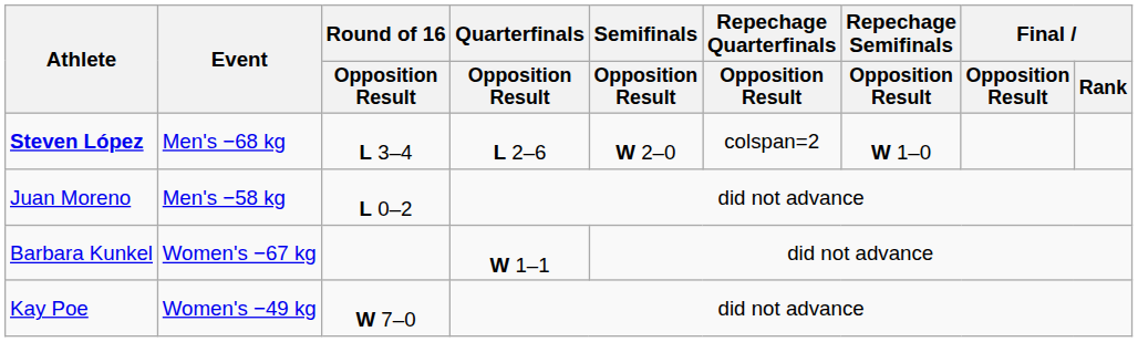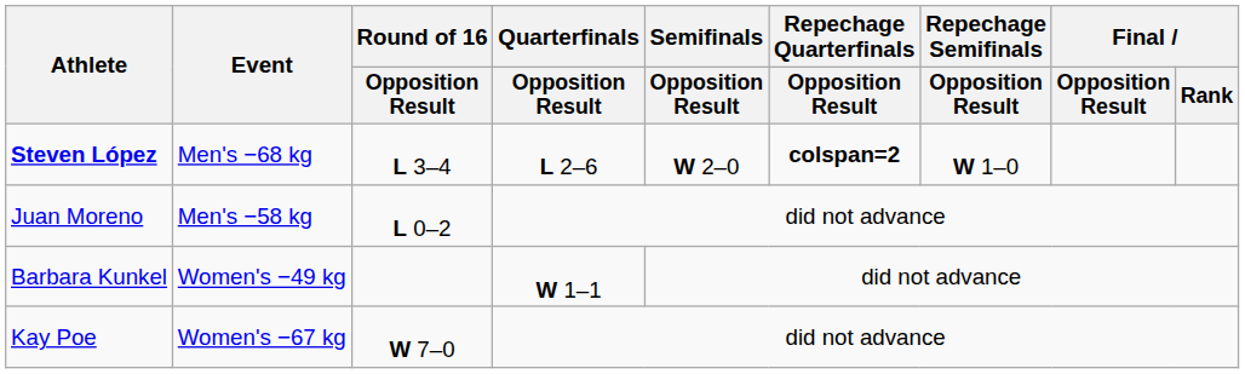 <table class=wikitable style=font-size:90%;text-align:center>
 <tr>
 <th rowspan=2>Athlete</th>
 <th rowspan=2>Event</th>
 <th>Round of 16</th>
 <th>Quarterfinals</th>
 <th>Semifinals</th>
 <th>Repechage<br>Quarterfinals</th>
 <th>Repechage<br>Semifinals</th>
 <th colspan=2>Final / </th>
 </tr>
 <tr style=font-size:95%>
 <th>Opposition<br>Result</th>
 <th>Opposition<br>Result</th>
 <th>Opposition<br>Result</th>
 <th>Opposition<br>Result</th>
 <th>Opposition<br>Result</th>
 <th>Opposition<br>Result</th>
 <th>Rank</th>
 </tr>
 <tr>
 <td align=left><strong><a href='#'>Steven López</a></strong></td>
 <td align=left><a href='#'>Men's −68 kg</a></td>
 <td><br><strong>L</strong> 3–4</td>
 <td><br><strong>L</strong> 2–6</td>
 <td><br><strong>W</strong> 2–0</td>
-<td>colspan=2 </td>
+<td><strong>colspan=2 </strong></td>
 <td><br><strong>W</strong> 1–0</td>
 <td></td>
 </tr>
 <tr>
 <td align=left><a href='#'>Juan Moreno</a></td>
 <td align=left><a href='#'>Men's −58 kg</a></td>
 <td><br><strong>L</strong> 0–2</td>
 <td colspan=6>did not advance</td>
 </tr>
 <tr>
 <td align=left><a href='#'>Barbara Kunkel</a></td>
-<td align=left><a href='#'>Women's −67 kg</a></td>
+<td align=left><a href='#'>Women's −49 kg</a></td>
 <td></td>
 <td><br><strong>W</strong> 1–1 </td>
 <td colspan=5>did not advance</td>
 </tr>
 <tr>
 <td align=left><a href='#'>Kay Poe</a></td>
-<td align=left><a href='#'>Women's −49 kg</a></td>
+<td align=left><a href='#'>Women's −67 kg</a></td>
 <td><br><strong>W</strong> 7–0</td>
 <td colspan=6>did not advance</td>
 </tr>
 </table>
